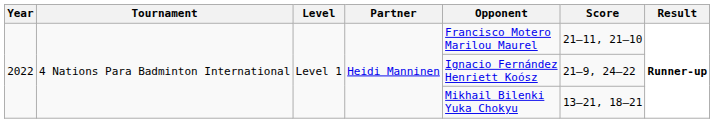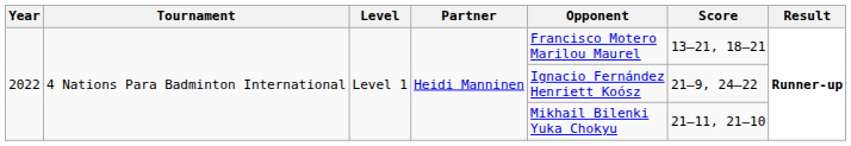 <table class="sortable wikitable" style="font-size: 90%;">
 <tr>
 <th>Year</th>
 <th>Tournament</th>
 <th>Level</th>
 <th>Partner</th>
 <th>Opponent</th>
 <th>Score</th>
 <th>Result</th>
 </tr>
 <tr>
 <td rowspan="3" align="center">2022</td>
 <td rowspan="3" align="left">4 Nations Para Badminton International</td>
 <td rowspan="3" align="left">Level 1</td>
 <td rowspan="3"> <a href='#'>Heidi Manninen</a></td>
 <td align="left"> <a href='#'>Francisco Motero</a><br> <a href='#'>Marilou Maurel</a></td>
-<td align="left">21–11, 21–10</td>
+<td align="left">13–21, 18–21</td>
 <td rowspan="3" style="text-align:left; background:white"> <strong>Runner-up</strong></td>
 </tr>
 <tr>
 <td align="left"> <a href='#'>Ignacio Fernández</a><br> <a href='#'>Henriett Koósz</a></td>
 <td align="left">21–9, 24–22</td>
 </tr>
 <tr>
 <td align="left"> <a href='#'>Mikhail Bilenki</a><br> <a href='#'>Yuka Chokyu</a></td>
-<td align="left">13–21, 18–21</td>
+<td align="left">21–11, 21–10</td>
 </tr>
 </table>
